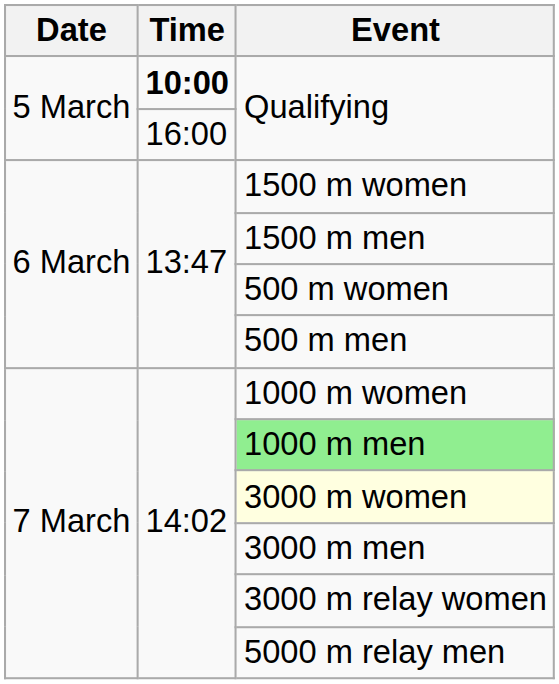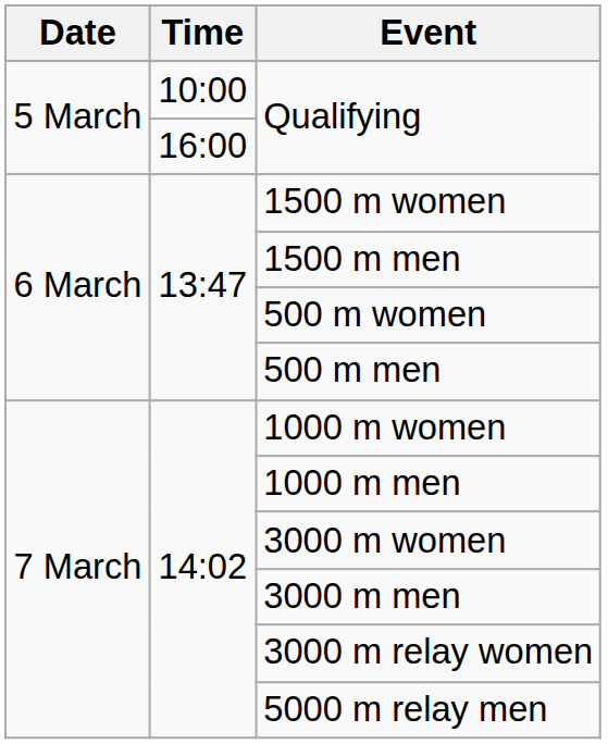 <table class="wikitable" border="1">
 <tr>
 <th>Date</th>
 <th>Time</th>
 <th>Event</th>
 </tr>
 <tr>
 <td rowspan=2>5 March</td>
-<td><strong>10:00</strong></td>
+<td>10:00</td>
 <td rowspan=2>Qualifying</td>
 </tr>
 <tr>
 <td>16:00</td>
 </tr>
 <tr>
 <td rowspan=4>6 March</td>
 <td rowspan=4>13:47</td>
 <td>1500 m women</td>
 </tr>
 <tr>
 <td>1500 m men</td>
 </tr>
 <tr>
 <td>500 m women</td>
 </tr>
 <tr>
 <td>500 m men</td>
 </tr>
 <tr>
 <td rowspan=6>7 March</td>
 <td rowspan=6>14:02</td>
 <td>1000 m women</td>
 </tr>
 <tr>
-<td style="background: lightgreen;">1000 m men</td>
+<td>1000 m men</td>
 </tr>
 <tr>
-<td style="background: lightyellow;">3000 m women</td>
+<td>3000 m women</td>
 </tr>
 <tr>
 <td>3000 m men</td>
 </tr>
 <tr>
 <td>3000 m relay women</td>
 </tr>
 <tr>
 <td>5000 m relay men</td>
 </tr>
 </table>
